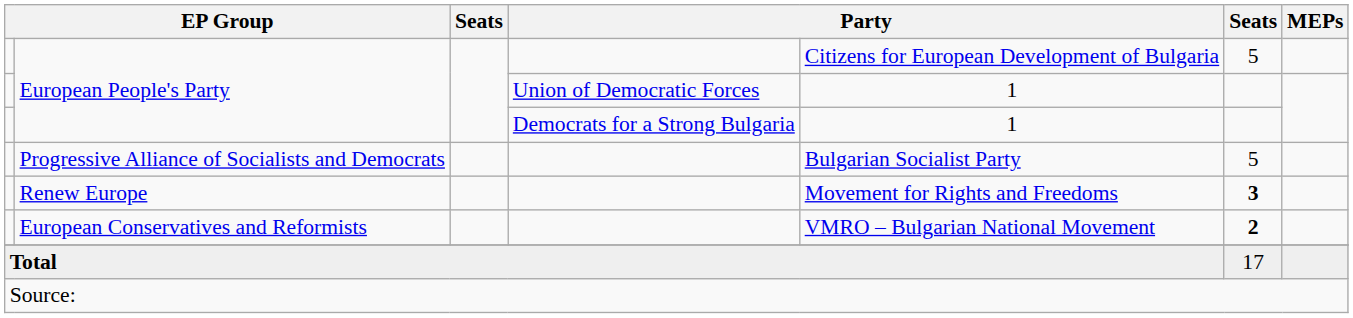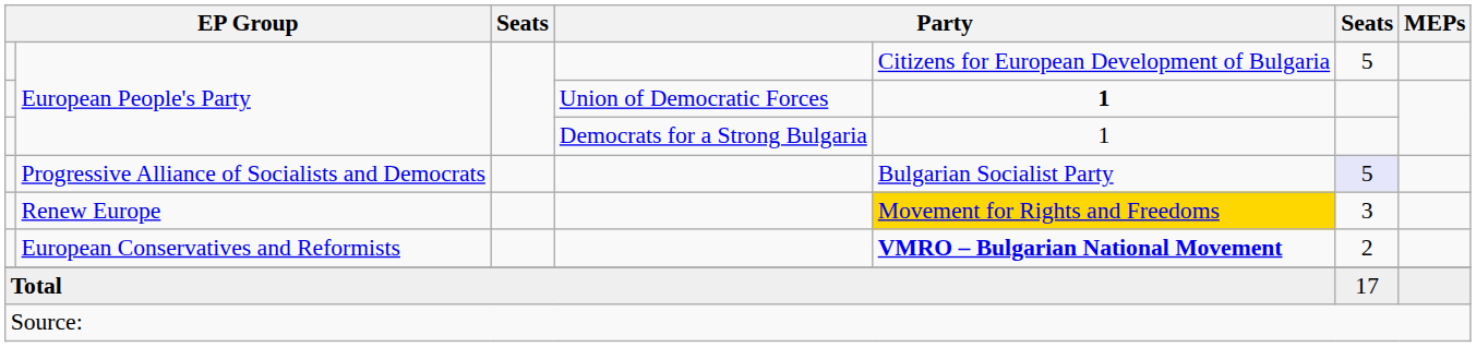 <table class="wikitable">
 <tr>
 <th colspan=2>EP Group</th>
 <th>Seats</th>
 <th colspan=2>Party</th>
 <th>Seats</th>
 <th>MEPs</th>
 </tr>
 <tr>
 <td></td>
 <td rowspan="3"><a href='#'>European People's Party</a></td>
 <td rowspan="3"></td>
 <td style="background:"></td>
 <td><a href='#'>Citizens for European Development of Bulgaria</a></td>
 <td align=center>5</td>
 <td></td>
 </tr>
 <tr>
 <td style="background:"></td>
 <td><a href='#'>Union of Democratic Forces</a></td>
-<td align=center>1</td>
+<td align=center><strong>1</strong></td>
 <td></td>
 </tr>
 <tr>
 <td style="background:"></td>
 <td><a href='#'>Democrats for a Strong Bulgaria</a></td>
 <td align=center>1</td>
 <td></td>
 </tr>
 <tr>
 <td></td>
 <td><a href='#'>Progressive Alliance of Socialists and Democrats</a></td>
 <td></td>
 <td style="background:"></td>
 <td><a href='#'>Bulgarian Socialist Party</a></td>
-<td align=center>5</td>
+<td align=center style="background: lavender;">5</td>
 <td></td>
 </tr>
 <tr>
 <td></td>
 <td><a href='#'>Renew Europe</a></td>
 <td></td>
 <td style="background:"></td>
-<td><a href='#'>Movement for Rights and Freedoms</a></td>
-<td align=center><strong>3</strong></td>
+<td style="background: gold;"><a href='#'>Movement for Rights and Freedoms</a></td>
+<td align=center>3</td>
 <td></td>
 </tr>
 <tr>
 <td></td>
 <td><a href='#'>European Conservatives and Reformists</a></td>
 <td></td>
 <td style="background:"></td>
-<td><a href='#'>VMRO – Bulgarian National Movement</a></td>
-<td align=center><strong>2</strong></td>
+<td><strong><a href='#'>VMRO – Bulgarian National Movement</a></strong></td>
+<td align=center>2</td>
 <td></td>
 </tr>
 <tr>
 </tr>
 <tr bgcolor="EFEFEF">
 <td colspan=5 align=left><strong>Total</strong></td>
 <td align=center>17</td>
 <td></td>
 </tr>
 <tr>
 <td colspan="7">Source: </td>
 </tr>
 </table>
